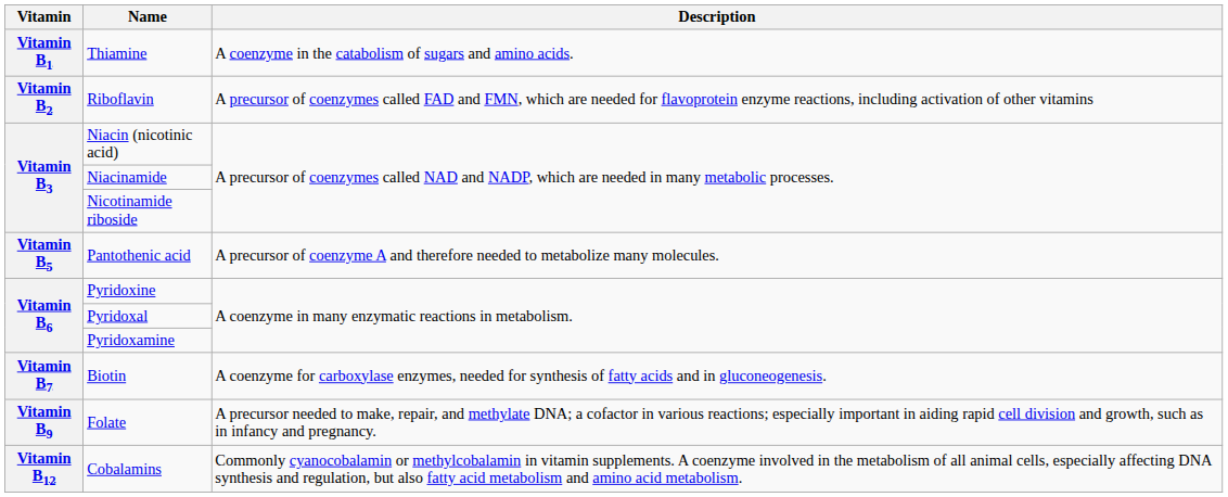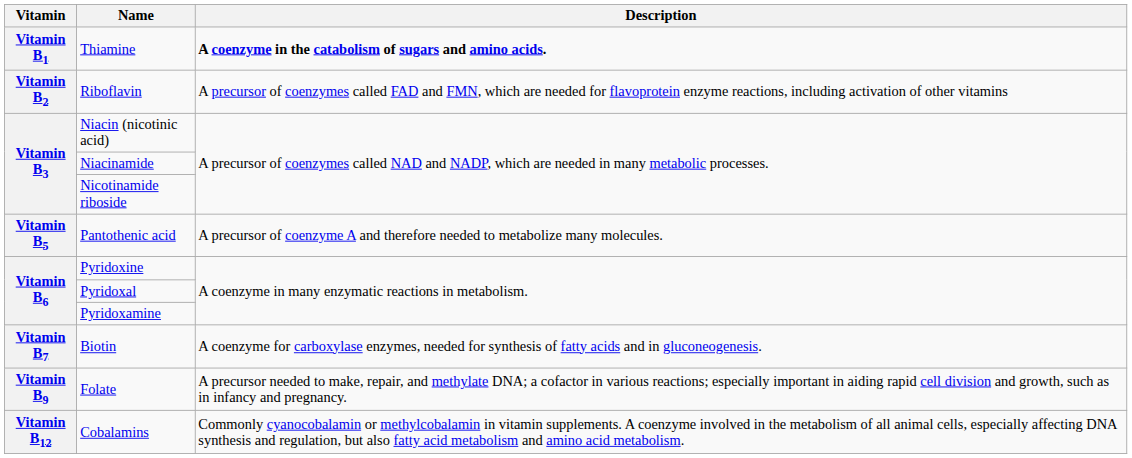 <table class="wikitable sortable">
 <tr>
 <th scope="col" data-sort-type="number">Vitamin</th>
 <th scope="col">Name</th>
 <th scope="col">Description</th>
 </tr>
 <tr>
 <th scope="row" data-sort-value="1"><a href='#'>Vitamin B<sub>1</sub></a></th>
 <td><a href='#'>Thiamine</a></td>
-<td>A <a href='#'>coenzyme</a> in the <a href='#'>catabolism</a> of <a href='#'>sugars</a> and <a href='#'>amino acids</a>.</td>
+<td><strong>A <a href='#'>coenzyme</a> in the <a href='#'>catabolism</a> of <a href='#'>sugars</a> and <a href='#'>amino acids</a>.</strong></td>
 </tr>
 <tr>
 <th scope="row" data-sort-value="2"><a href='#'>Vitamin B<sub>2</sub></a></th>
 <td><a href='#'>Riboflavin</a></td>
 <td>A <a href='#'>precursor</a> of <a href='#'>coenzymes</a> called <a href='#'>FAD</a> and <a href='#'>FMN</a>, which are needed for <a href='#'>flavoprotein</a> enzyme reactions, including activation of other vitamins</td>
 </tr>
 <tr>
 <th rowspan="3" scope="row" data-sort-value="3"><a href='#'>Vitamin B<sub>3</sub></a></th>
 <td><a href='#'>Niacin</a> (nicotinic acid)</td>
 <td rowspan="3">A precursor of <a href='#'>coenzymes</a> called <a href='#'>NAD</a> and <a href='#'>NADP</a>, which are needed in many <a href='#'>metabolic</a> processes.</td>
 </tr>
 <tr>
 <td><a href='#'>Niacinamide</a></td>
 </tr>
 <tr>
 <td><a href='#'>Nicotinamide riboside</a></td>
 </tr>
 <tr>
 <th scope="row" data-sort-value="5"><a href='#'>Vitamin B<sub>5</sub></a></th>
 <td><a href='#'>Pantothenic acid</a></td>
 <td>A precursor of <a href='#'>coenzyme A</a> and therefore needed to metabolize many molecules.</td>
 </tr>
 <tr>
 <th rowspan="3" scope="row" data-sort-value="6"><a href='#'>Vitamin B<sub>6</sub></a></th>
 <td><a href='#'>Pyridoxine</a></td>
 <td rowspan="3">A coenzyme in many enzymatic reactions in metabolism.</td>
 </tr>
 <tr>
 <td><a href='#'>Pyridoxal</a></td>
 </tr>
 <tr>
 <td><a href='#'>Pyridoxamine</a></td>
 </tr>
 <tr>
 <th scope="row" data-sort-value="7"><a href='#'>Vitamin B<sub>7</sub></a></th>
 <td><a href='#'>Biotin</a></td>
 <td>A coenzyme for <a href='#'>carboxylase</a> enzymes, needed for synthesis of <a href='#'>fatty acids</a> and in <a href='#'>gluconeogenesis</a>.</td>
 </tr>
 <tr>
 <th scope="row" data-sort-value="9"><a href='#'>Vitamin B<sub>9</sub></a></th>
 <td><a href='#'>Folate</a></td>
 <td>A precursor needed to make, repair, and <a href='#'>methylate</a> DNA; a cofactor in various reactions; especially important in aiding rapid <a href='#'>cell division</a> and growth, such as in infancy and pregnancy.</td>
 </tr>
 <tr>
 <th scope="row" data-sort-value="12"><a href='#'>Vitamin B<sub>12</sub></a></th>
 <td><a href='#'>Cobalamins</a></td>
 <td>Commonly <a href='#'>cyanocobalamin</a> or <a href='#'>methylcobalamin</a> in vitamin supplements. A coenzyme involved in the metabolism of all animal cells, especially affecting DNA synthesis and regulation, but also <a href='#'>fatty acid metabolism</a> and <a href='#'>amino acid metabolism</a>.</td>
 </tr>
 </table>
